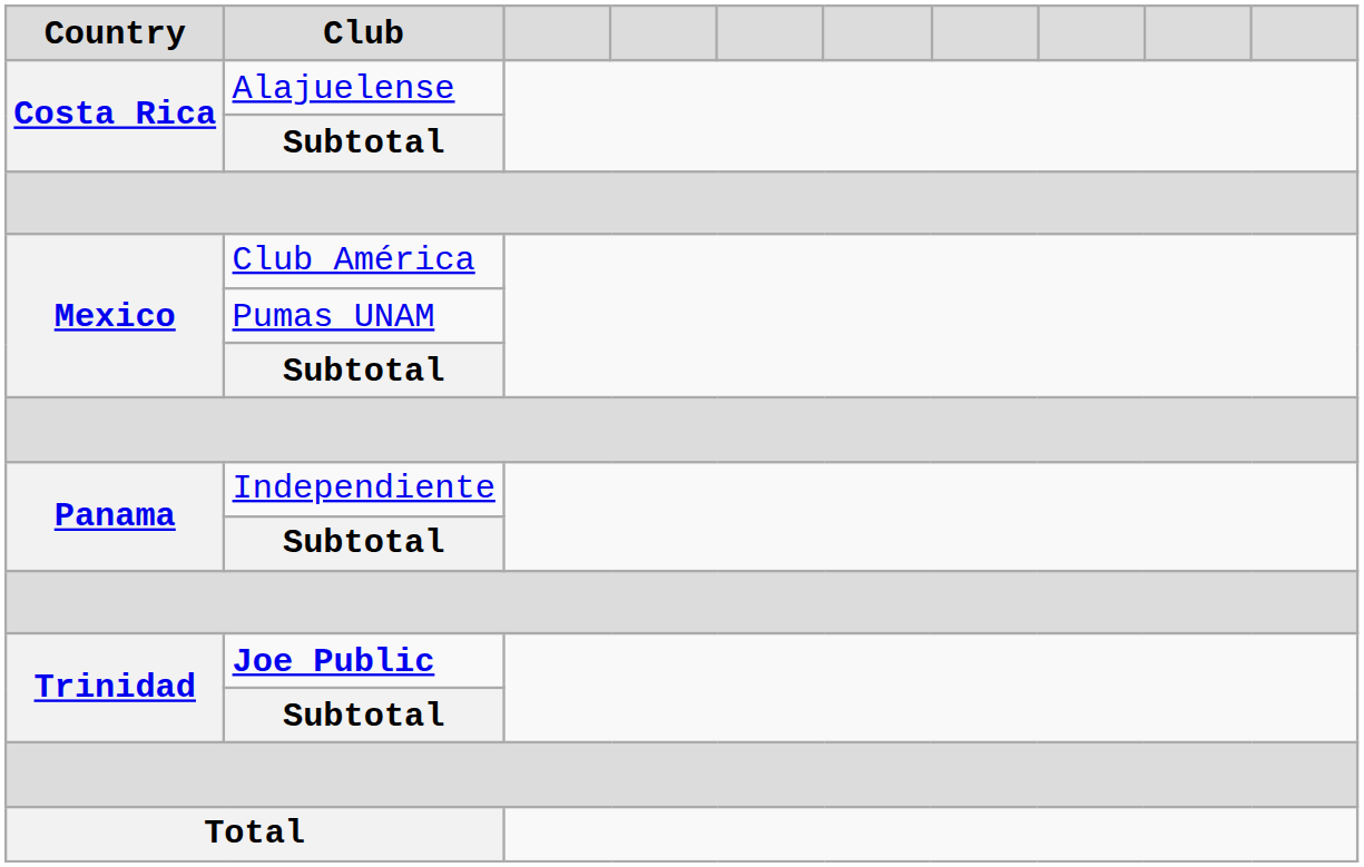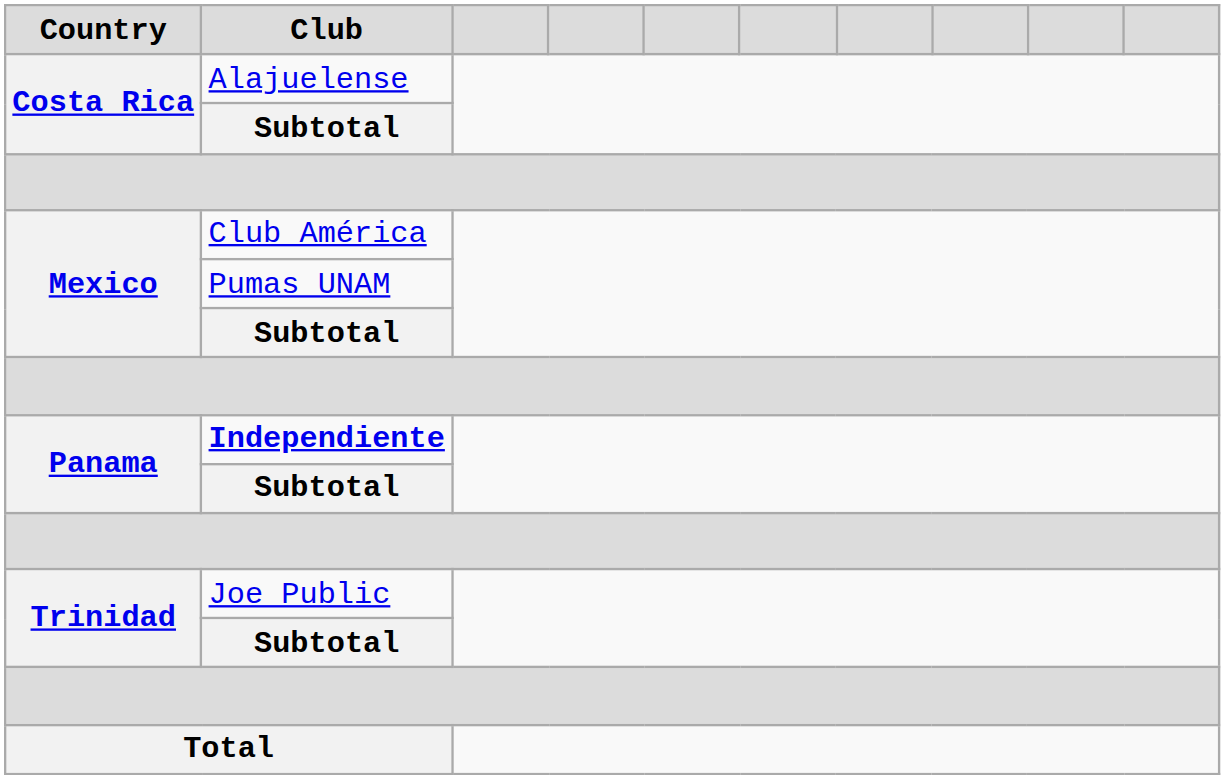 <table class="wikitable" style="text-align: center;">
 <tr>
 <th scope=col style="background:#DCDCDC">Country</th>
 <th scope=col style="background:#DCDCDC">Club</th>
 <th scope=col width="35" style="background:#DCDCDC"></th>
 <th scope=col width="35" style="background:#DCDCDC"></th>
 <th scope=col width="35" style="background:#DCDCDC"></th>
 <th scope=col width="35" style="background:#DCDCDC"></th>
 <th scope=col width="35" style="background:#DCDCDC"></th>
 <th scope=col width="35" style="background:#DCDCDC"></th>
 <th scope=col width="35" style="background:#DCDCDC"></th>
 <th scope=col width="35" style="background:#DCDCDC"></th>
 </tr>
 <tr>
 <th scope=row rowspan=2 align=left> <a href='#'>Costa Rica</a></th>
 <td align=left><a href='#'>Alajuelense</a><br></td>
 </tr>
 <tr>
 <th>Subtotal<br></th>
 </tr>
 <tr>
 <th colspan=10 height="18" style="background:#DCDCDC"></th>
 </tr>
 <tr>
 <th scope=row rowspan=3 align=left> <a href='#'>Mexico</a></th>
 <td align=left><a href='#'>Club América</a><br></td>
 </tr>
 <tr>
 <td align=left><a href='#'>Pumas UNAM</a><br></td>
 </tr>
 <tr>
 <th>Subtotal<br></th>
 </tr>
 <tr>
 <th colspan=10 height="18" style="background:#DCDCDC"></th>
 </tr>
 <tr>
 <th scope=row rowspan=2 align=left> <a href='#'>Panama</a></th>
-<td align=left><a href='#'>Independiente</a><br></td>
+<td align=left><strong><a href='#'>Independiente</a><br></strong></td>
 </tr>
 <tr>
 <th>Subtotal<br></th>
 </tr>
 <tr>
 <th colspan=10 height="18" style="background:#DCDCDC"></th>
 </tr>
 <tr>
 <th scope=row rowspan=2 align=left> <a href='#'>Trinidad</a></th>
-<td align=left><strong><a href='#'>Joe Public</a><br></strong></td>
+<td align=left><a href='#'>Joe Public</a><br></td>
 </tr>
 <tr>
 <th>Subtotal<br></th>
 </tr>
 <tr>
 <th colspan=10 height="18" style="background:#DCDCDC"></th>
 </tr>
 <tr>
 <th scope=row colspan=2 align-"center"><strong>Total</strong><br></th>
 </tr>
 </table>
